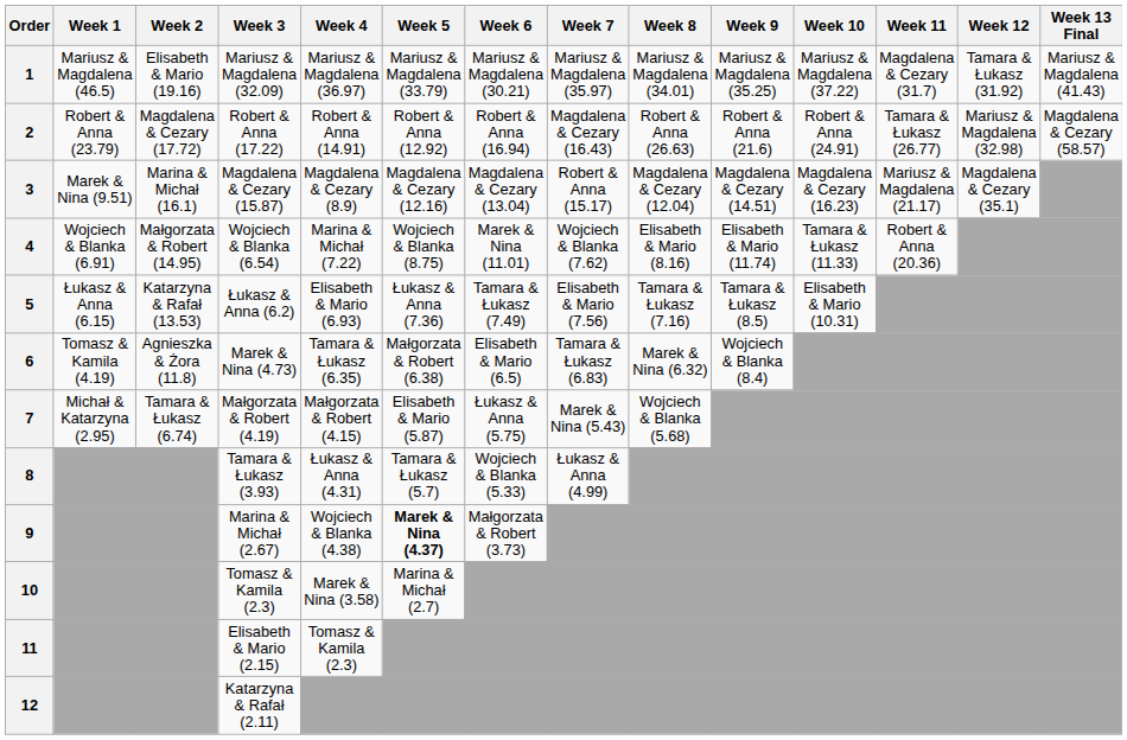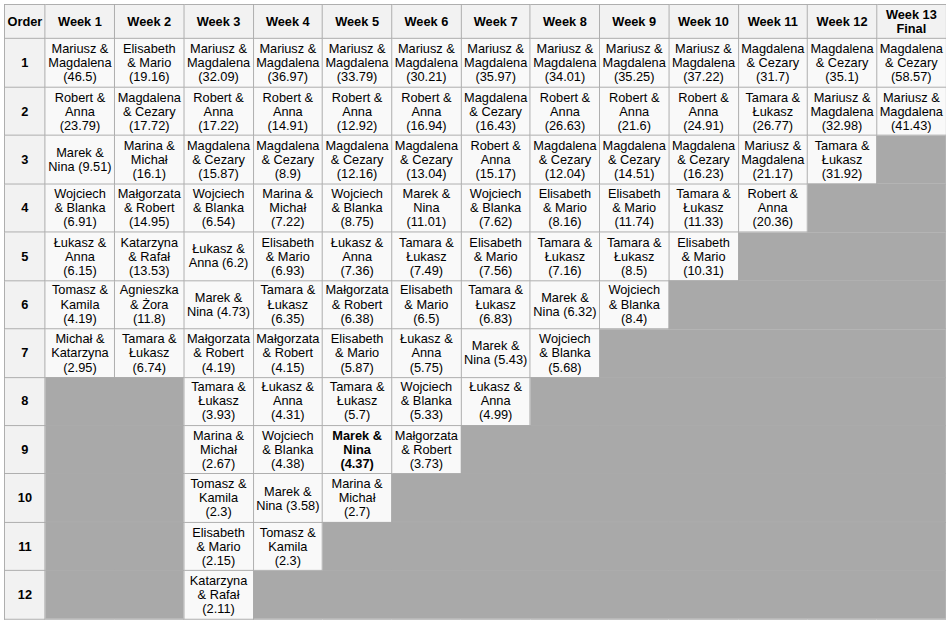 <table class="wikitable" style="font-size:85%; text-align:center">
 <tr>
 <th>Order</th>
 <th>Week 1</th>
 <th>Week 2</th>
 <th>Week 3</th>
 <th>Week 4</th>
 <th>Week 5</th>
 <th>Week 6</th>
 <th>Week 7</th>
 <th>Week 8</th>
 <th>Week 9</th>
 <th>Week 10</th>
 <th>Week 11</th>
 <th>Week 12</th>
 <th>Week 13<br>Final</th>
 </tr>
 <tr>
 <th>1</th>
 <td>Mariusz & Magdalena (46.5)</td>
 <td>Elisabeth & Mario (19.16)</td>
 <td>Mariusz & Magdalena (32.09)</td>
 <td>Mariusz & Magdalena (36.97)</td>
 <td>Mariusz & Magdalena (33.79)</td>
 <td>Mariusz & Magdalena (30.21)</td>
 <td>Mariusz & Magdalena (35.97)</td>
 <td>Mariusz & Magdalena (34.01)</td>
 <td>Mariusz & Magdalena (35.25)</td>
 <td>Mariusz & Magdalena (37.22)</td>
 <td>Magdalena & Cezary (31.7)</td>
-<td>Tamara & Łukasz (31.92)</td>
-<td>Mariusz & Magdalena (41.43)</td>
+<td>Magdalena & Cezary (35.1)</td>
+<td>Magdalena & Cezary (58.57)</td>
 </tr>
 <tr>
 <th>2</th>
 <td>Robert & Anna (23.79)</td>
 <td>Magdalena & Cezary (17.72)</td>
 <td>Robert & Anna (17.22)</td>
 <td>Robert & Anna (14.91)</td>
 <td>Robert & Anna (12.92)</td>
 <td>Robert & Anna (16.94)</td>
 <td>Magdalena & Cezary (16.43)</td>
 <td>Robert & Anna (26.63)</td>
 <td>Robert & Anna (21.6)</td>
 <td>Robert & Anna (24.91)</td>
 <td>Tamara & Łukasz (26.77)</td>
 <td>Mariusz & Magdalena (32.98)</td>
-<td>Magdalena & Cezary (58.57)</td>
+<td>Mariusz & Magdalena (41.43)</td>
 </tr>
 <tr>
 <th>3</th>
 <td>Marek & Nina (9.51)</td>
 <td>Marina & Michał (16.1)</td>
 <td>Magdalena & Cezary (15.87)</td>
 <td>Magdalena & Cezary (8.9)</td>
 <td>Magdalena & Cezary (12.16)</td>
 <td>Magdalena & Cezary (13.04)</td>
 <td>Robert & Anna (15.17)</td>
 <td>Magdalena & Cezary (12.04)</td>
 <td>Magdalena & Cezary (14.51)</td>
 <td>Magdalena & Cezary (16.23)</td>
 <td>Mariusz & Magdalena (21.17)</td>
-<td>Magdalena & Cezary (35.1)</td>
+<td>Tamara & Łukasz (31.92)</td>
 <td style="background:darkgray" colspan=2></td>
 </tr>
 <tr>
 <th>4</th>
 <td>Wojciech & Blanka (6.91)</td>
 <td>Małgorzata & Robert (14.95)</td>
 <td>Wojciech & Blanka (6.54)</td>
 <td>Marina & Michał (7.22)</td>
 <td>Wojciech & Blanka (8.75)</td>
 <td>Marek & Nina (11.01)</td>
 <td>Wojciech & Blanka (7.62)</td>
 <td>Elisabeth & Mario (8.16)</td>
 <td>Elisabeth & Mario (11.74)</td>
 <td>Tamara & Łukasz (11.33)</td>
 <td>Robert & Anna (20.36)</td>
 <td style="background:darkgray" colspan=3></td>
 </tr>
 <tr>
 <th>5</th>
 <td>Łukasz & Anna (6.15)</td>
 <td>Katarzyna & Rafał (13.53)</td>
 <td>Łukasz & Anna (6.2)</td>
 <td>Elisabeth & Mario (6.93)</td>
 <td>Łukasz & Anna (7.36)</td>
 <td>Tamara & Łukasz (7.49)</td>
 <td>Elisabeth & Mario (7.56)</td>
 <td>Tamara & Łukasz (7.16)</td>
 <td>Tamara & Łukasz (8.5)</td>
 <td>Elisabeth & Mario (10.31)</td>
 <td style="background:darkgray" colspan=4></td>
 </tr>
 <tr>
 <th>6</th>
 <td>Tomasz & Kamila (4.19)</td>
 <td>Agnieszka & Żora (11.8)</td>
 <td>Marek & Nina (4.73)</td>
 <td>Tamara & Łukasz (6.35)</td>
 <td>Małgorzata & Robert (6.38)</td>
 <td>Elisabeth & Mario (6.5)</td>
 <td>Tamara & Łukasz (6.83)</td>
 <td>Marek & Nina (6.32)</td>
 <td>Wojciech & Blanka (8.4)</td>
 <td style="background:darkgray" colspan=5></td>
 </tr>
 <tr>
 <th>7</th>
 <td>Michał & Katarzyna (2.95)</td>
 <td>Tamara & Łukasz (6.74)</td>
 <td>Małgorzata & Robert (4.19)</td>
 <td>Małgorzata & Robert (4.15)</td>
 <td>Elisabeth & Mario (5.87)</td>
 <td>Łukasz & Anna (5.75)</td>
 <td>Marek & Nina (5.43)</td>
 <td>Wojciech & Blanka (5.68)</td>
 <td style="background:darkgray" colspan="6"></td>
 </tr>
 <tr>
 <th>8</th>
 <td style="background:darkgray" colspan="2"></td>
 <td>Tamara & Łukasz (3.93)</td>
 <td>Łukasz & Anna (4.31)</td>
 <td>Tamara & Łukasz (5.7)</td>
 <td>Wojciech & Blanka (5.33)</td>
 <td>Łukasz & Anna (4.99)</td>
 <td style="background:darkgray" colspan="7"></td>
 </tr>
 <tr>
 <th>9</th>
 <td style="background:darkgray" colspan="2"></td>
 <td>Marina & Michał (2.67)</td>
 <td>Wojciech & Blanka (4.38)</td>
 <td><strong>Marek & Nina (4.37)</strong></td>
 <td>Małgorzata & Robert (3.73)</td>
 <td style="background:darkgray" colspan="8"></td>
 </tr>
 <tr>
 <th>10</th>
 <td style="background:darkgray" colspan="2"></td>
 <td>Tomasz & Kamila (2.3)</td>
 <td>Marek & Nina (3.58)</td>
 <td>Marina & Michał (2.7)</td>
 <td style="background:darkgray" colspan="9"></td>
 </tr>
 <tr>
 <th>11</th>
 <td style="background:darkgray" colspan="2"></td>
 <td>Elisabeth & Mario (2.15)</td>
 <td>Tomasz & Kamila (2.3)</td>
 <td style="background:darkgray" colspan="10"></td>
 </tr>
 <tr>
 <th>12</th>
 <td style="background:darkgray" colspan="2"></td>
 <td>Katarzyna & Rafał (2.11)</td>
 <td style="background:darkgray" colspan="11"></td>
 </tr>
 </table>
